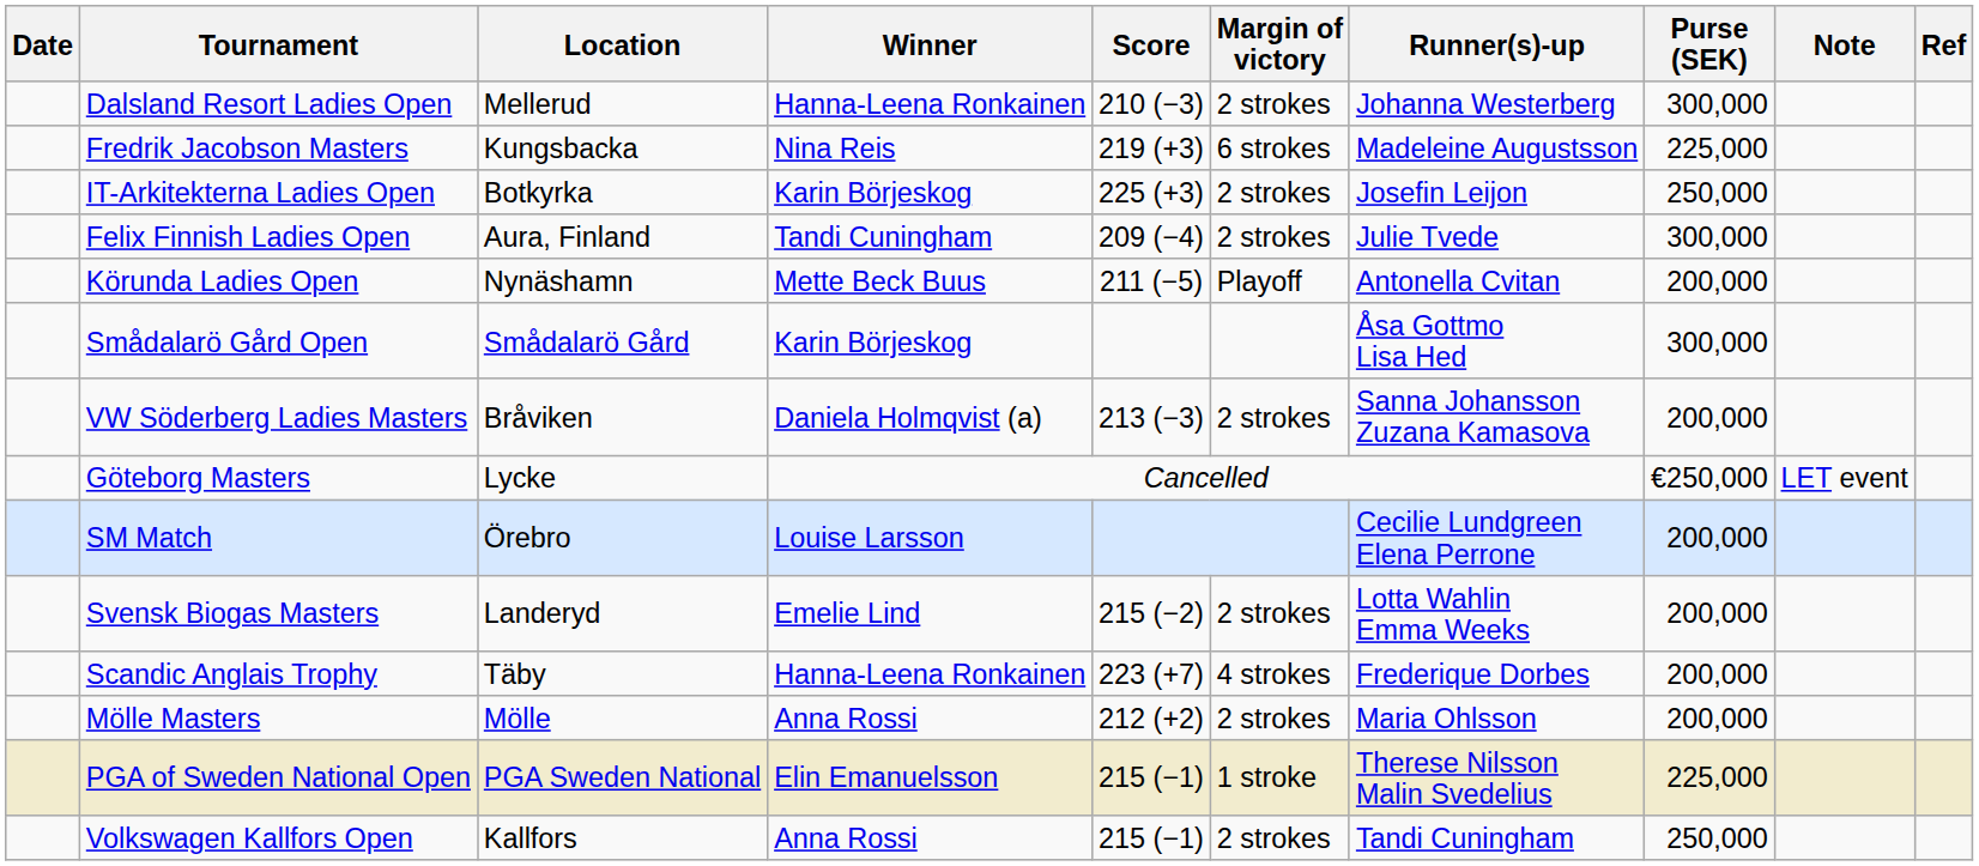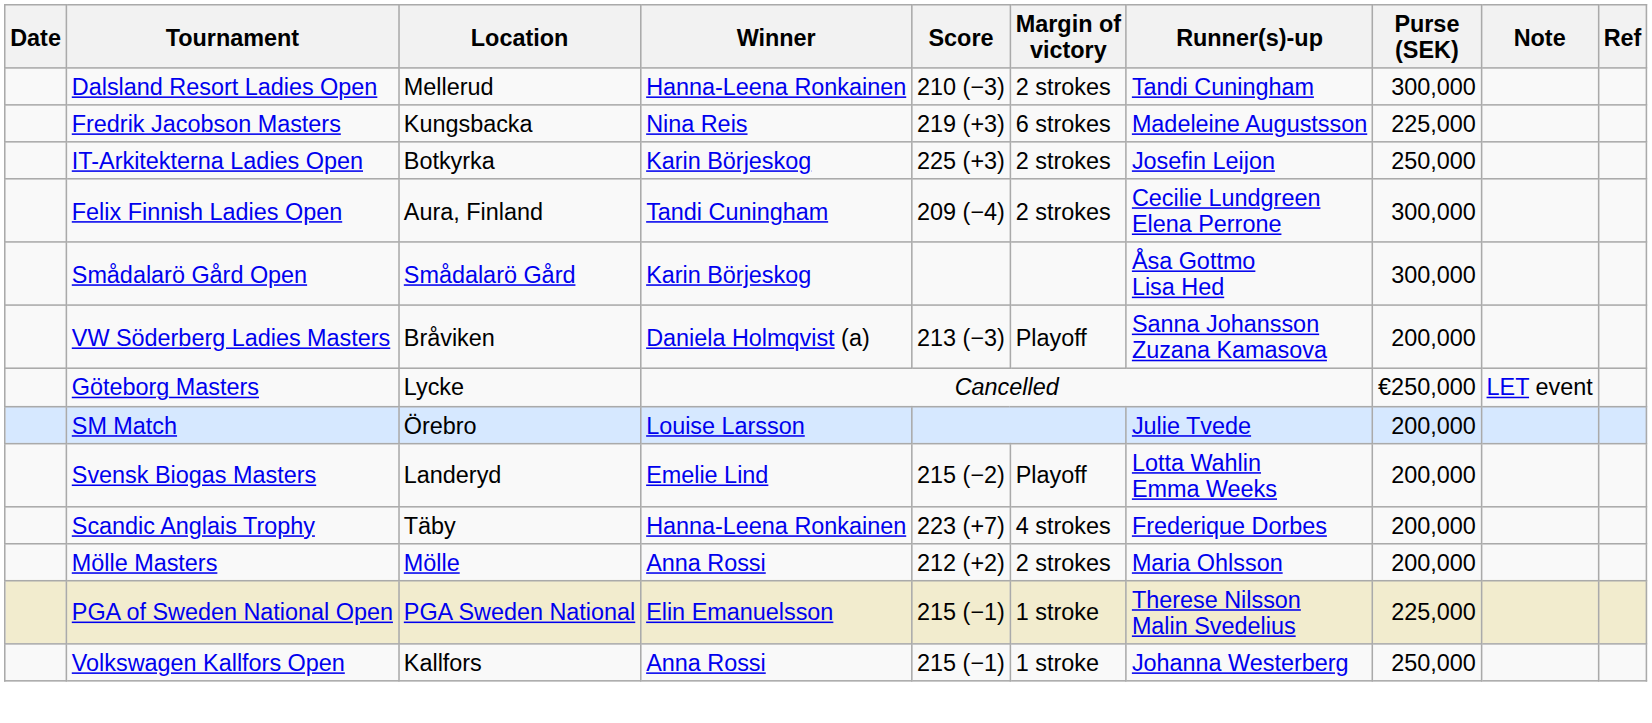 <table class="wikitable" style="font-size:95%;">
 <tr>
 <th>Date</th>
 <th>Tournament</th>
 <th>Location</th>
 <th>Winner</th>
 <th>Score</th>
 <th>Margin of<br>victory</th>
 <th>Runner(s)-up</th>
 <th>Purse<br>(SEK)</th>
 <th>Note</th>
 <th>Ref</th>
 </tr>
 <tr>
 <td></td>
 <td><a href='#'>Dalsland Resort Ladies Open</a></td>
 <td>Mellerud</td>
 <td> <a href='#'>Hanna-Leena Ronkainen</a></td>
 <td align=center>210 (−3)</td>
 <td>2 strokes</td>
-<td> <a href='#'>Johanna Westerberg</a></td>
+<td> <a href='#'>Tandi Cuningham</a></td>
 <td align=right>300,000</td>
 <td></td>
 <td></td>
 </tr>
 <tr>
 <td></td>
 <td><a href='#'>Fredrik Jacobson Masters</a></td>
 <td>Kungsbacka</td>
 <td> <a href='#'>Nina Reis</a></td>
 <td align=center>219 (+3)</td>
 <td>6 strokes</td>
 <td> <a href='#'>Madeleine Augustsson</a></td>
 <td align=right>225,000</td>
 <td></td>
 <td></td>
 </tr>
 <tr>
 <td></td>
 <td><a href='#'>IT-Arkitekterna Ladies Open</a></td>
 <td>Botkyrka</td>
 <td> <a href='#'>Karin Börjeskog</a></td>
 <td align=center>225 (+3)</td>
 <td>2 strokes</td>
 <td> <a href='#'>Josefin Leijon</a></td>
 <td align=right>250,000</td>
 <td></td>
 <td></td>
 </tr>
 <tr>
 <td></td>
 <td><a href='#'>Felix Finnish Ladies Open</a></td>
 <td>Aura, Finland</td>
 <td> <a href='#'>Tandi Cuningham</a></td>
 <td align=center>209 (−4)</td>
 <td>2 strokes</td>
-<td> <a href='#'>Julie Tvede</a></td>
+<td> <a href='#'>Cecilie Lundgreen</a><br> <a href='#'>Elena Perrone</a></td>
 <td align=right>300,000</td>
-<td></td>
-<td></td>
-</tr>
-<tr>
-<td></td>
-<td><a href='#'>Körunda Ladies Open</a></td>
-<td>Nynäshamn</td>
-<td> <a href='#'>Mette Beck Buus</a></td>
-<td align=center>211 (−5)</td>
-<td>Playoff</td>
-<td> <a href='#'>Antonella Cvitan</a></td>
-<td align=right>200,000</td>
 <td></td>
 <td></td>
 </tr>
 <tr>
 <td></td>
 <td><a href='#'>Smådalarö Gård Open</a></td>
 <td><a href='#'>Smådalarö Gård</a></td>
 <td> <a href='#'>Karin Börjeskog</a></td>
 <td align=center></td>
 <td></td>
 <td> <a href='#'>Åsa Gottmo</a><br> <a href='#'>Lisa Hed</a></td>
 <td align=right>300,000</td>
 <td></td>
 <td></td>
 </tr>
 <tr>
 <td></td>
 <td><a href='#'>VW Söderberg Ladies Masters</a></td>
 <td>Bråviken</td>
 <td> <a href='#'>Daniela Holmqvist</a> (a)</td>
 <td align=center>213 (−3)</td>
-<td>2 strokes</td>
+<td>Playoff</td>
 <td> <a href='#'>Sanna Johansson</a><br> <a href='#'>Zuzana Kamasova</a></td>
 <td align=right>200,000</td>
 <td></td>
 <td></td>
 </tr>
 <tr>
 <td><s></s></td>
 <td><a href='#'>Göteborg Masters</a></td>
 <td>Lycke</td>
 <td colspan=4 align=center><em>Cancelled</em></td>
 <td align=right>€250,000</td>
 <td><a href='#'>LET</a> event</td>
 <td></td>
 </tr>
 <tr style="background:#D6E8FF;">
 <td></td>
 <td><a href='#'>SM Match</a></td>
 <td>Örebro</td>
 <td> <a href='#'>Louise Larsson</a></td>
 <td colspan=2 align=center></td>
-<td> <a href='#'>Cecilie Lundgreen</a><br> <a href='#'>Elena Perrone</a></td>
+<td> <a href='#'>Julie Tvede</a></td>
 <td align=right>200,000</td>
 <td></td>
 <td></td>
 </tr>
 <tr>
 <td></td>
 <td><a href='#'>Svensk Biogas Masters</a></td>
 <td>Landeryd</td>
 <td> <a href='#'>Emelie Lind</a></td>
 <td align=center>215 (−2)</td>
-<td>2 strokes</td>
+<td>Playoff</td>
 <td> <a href='#'>Lotta Wahlin</a><br> <a href='#'>Emma Weeks</a></td>
 <td align=right>200,000</td>
 <td></td>
 <td></td>
 </tr>
 <tr>
 <td></td>
 <td><a href='#'>Scandic Anglais Trophy</a></td>
 <td>Täby</td>
 <td> <a href='#'>Hanna-Leena Ronkainen</a></td>
 <td align=center>223 (+7)</td>
 <td>4 strokes</td>
 <td> <a href='#'>Frederique Dorbes</a></td>
 <td align=right>200,000</td>
 <td></td>
 <td></td>
 </tr>
 <tr>
 <td></td>
 <td><a href='#'>Mölle Masters</a></td>
 <td><a href='#'>Mölle</a></td>
 <td> <a href='#'>Anna Rossi</a></td>
 <td align=center>212 (+2)</td>
 <td>2 strokes</td>
 <td> <a href='#'>Maria Ohlsson</a></td>
 <td align=right>200,000</td>
 <td></td>
 <td></td>
 </tr>
 <tr style="background:#f2ecce;">
 <td></td>
 <td><a href='#'>PGA of Sweden National Open</a></td>
 <td><a href='#'>PGA Sweden National</a></td>
 <td> <a href='#'>Elin Emanuelsson</a></td>
 <td align=center>215 (−1)</td>
 <td>1 stroke</td>
 <td> <a href='#'>Therese Nilsson</a><br> <a href='#'>Malin Svedelius</a></td>
 <td align=right>225,000</td>
 <td></td>
 <td></td>
 </tr>
 <tr>
 <td></td>
 <td><a href='#'>Volkswagen Kallfors Open</a></td>
 <td>Kallfors</td>
 <td> <a href='#'>Anna Rossi</a></td>
 <td align=center>215 (−1)</td>
-<td>2 strokes</td>
-<td> <a href='#'>Tandi Cuningham</a></td>
+<td>1 stroke</td>
+<td> <a href='#'>Johanna Westerberg</a></td>
 <td align=right>250,000</td>
 <td></td>
 <td></td>
 </tr>
 </table>
